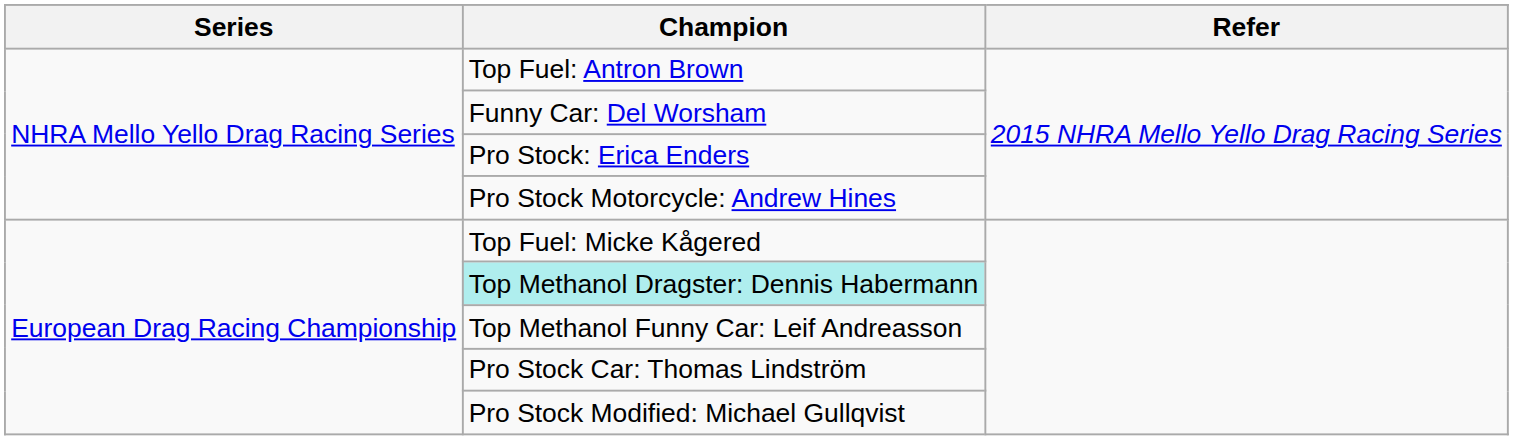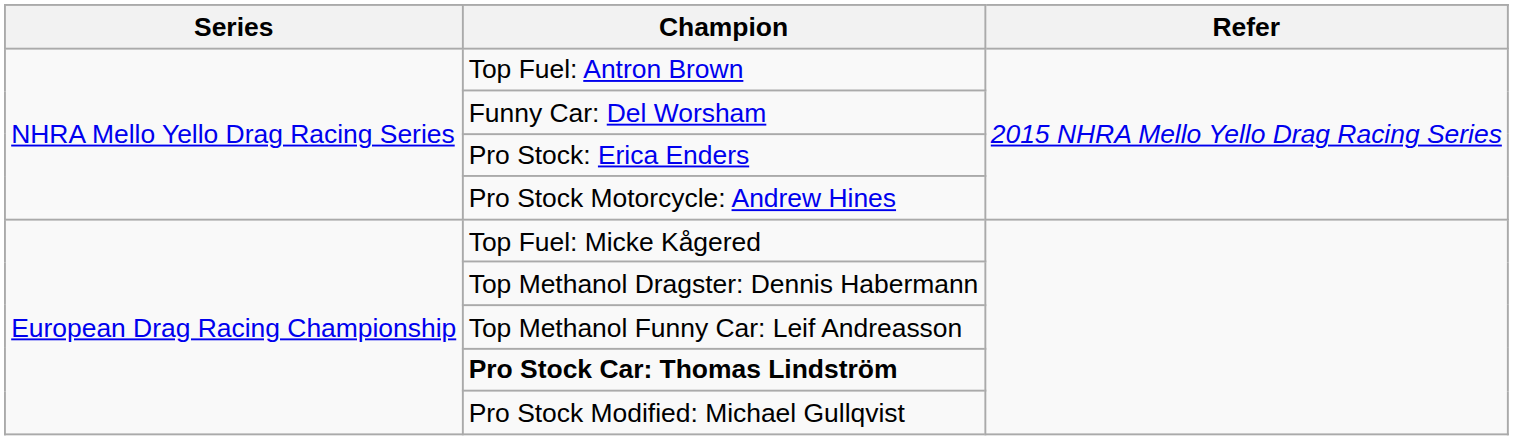 <table class="wikitable" style="font-size:87%;">
 <tr>
 <th>Series</th>
 <th>Champion</th>
 <th>Refer</th>
 </tr>
 <tr>
 <td rowspan=4><a href='#'>NHRA Mello Yello Drag Racing Series</a></td>
 <td>Top Fuel:  <a href='#'>Antron Brown</a></td>
 <td rowspan=4><em><a href='#'>2015 NHRA Mello Yello Drag Racing Series</a></em></td>
 </tr>
 <tr>
 <td>Funny Car:  <a href='#'>Del Worsham</a></td>
 </tr>
 <tr>
 <td>Pro Stock:  <a href='#'>Erica Enders</a></td>
 </tr>
 <tr>
 <td>Pro Stock Motorcycle:  <a href='#'>Andrew Hines</a></td>
 </tr>
 <tr>
 <td rowspan=5><a href='#'>European Drag Racing Championship</a></td>
 <td>Top Fuel:  Micke Kågered</td>
 <td rowspan=5></td>
 </tr>
 <tr>
-<td style="background: paleturquoise;">Top Methanol Dragster:  Dennis Habermann</td>
+<td>Top Methanol Dragster:  Dennis Habermann</td>
 </tr>
 <tr>
 <td>Top Methanol Funny Car:  Leif Andreasson</td>
 </tr>
 <tr>
-<td>Pro Stock Car:  Thomas Lindström</td>
+<td><strong>Pro Stock Car:  Thomas Lindström</strong></td>
 </tr>
 <tr>
 <td>Pro Stock Modified:  Michael Gullqvist</td>
 </tr>
 </table>
